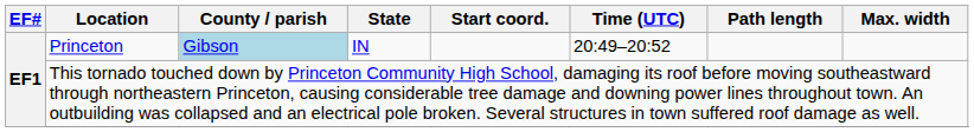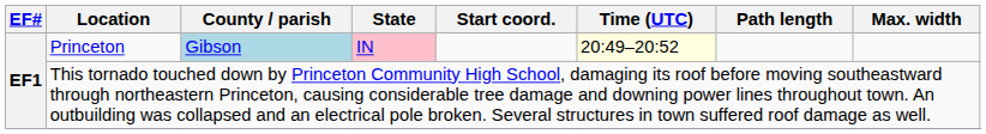 <table class="wikitable sortable" style="width:100%;">
 <tr>
 <th scope="col" width="2%" align="center"><a href='#'>EF#</a></th>
 <th scope="col" align="center" class="unsortable">Location</th>
 <th scope="col" align="center" class="unsortable">County / parish</th>
 <th scope="col" align="center">State</th>
 <th scope="col" align="center">Start coord.</th>
 <th scope="col" align="center">Time (<a href='#'>UTC</a>)</th>
 <th scope="col" align="center">Path length</th>
 <th scope="col" align="center">Max. width</th>
 </tr>
 <tr>
 <th scope="row" rowspan="2" style="background-color:#">EF1</th>
 <td><a href='#'>Princeton</a></td>
 <td style="background: lightblue;"><a href='#'>Gibson</a></td>
-<td><a href='#'>IN</a></td>
+<td style="background: pink;"><a href='#'>IN</a></td>
 <td></td>
-<td>20:49–20:52</td>
+<td style="background: lightyellow;">20:49–20:52</td>
 <td></td>
 <td></td>
 </tr>
 <tr class="expand-child">
 <td colspan="8" style=" border-bottom: 1px solid black;">This tornado touched down by <a href='#'>Princeton Community High School</a>, damaging its roof before moving southeastward through northeastern Princeton, causing considerable tree damage and downing power lines throughout town. An outbuilding was collapsed and an electrical pole broken. Several structures in town suffered roof damage as well.</td>
 </tr>
 <tr>
 </tr>
 </table>
